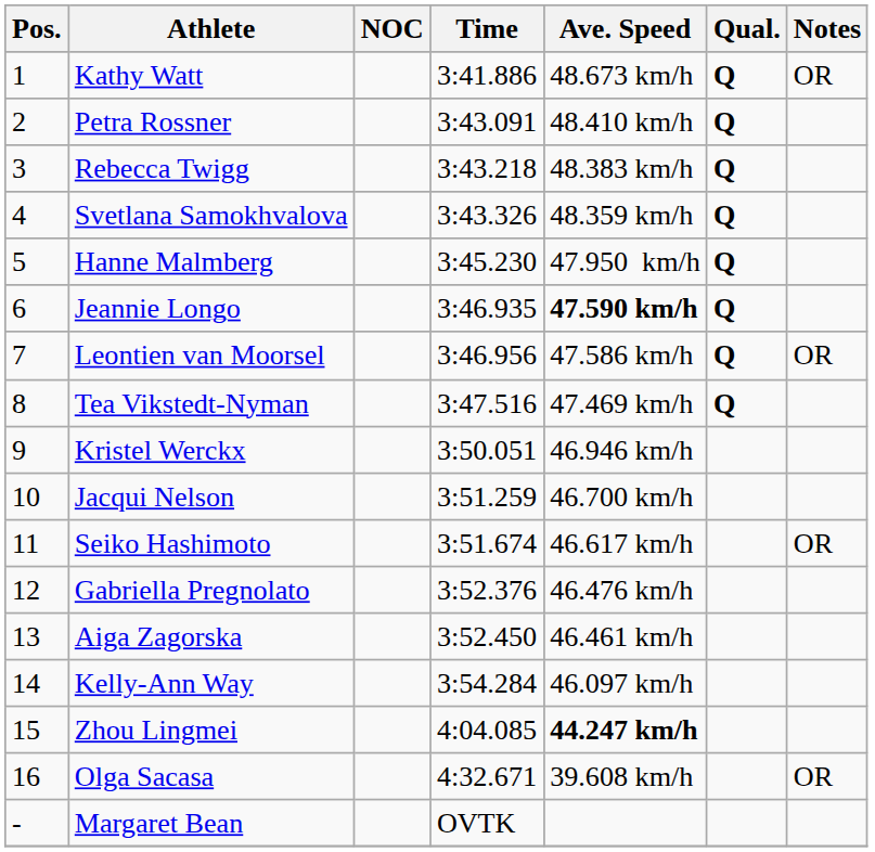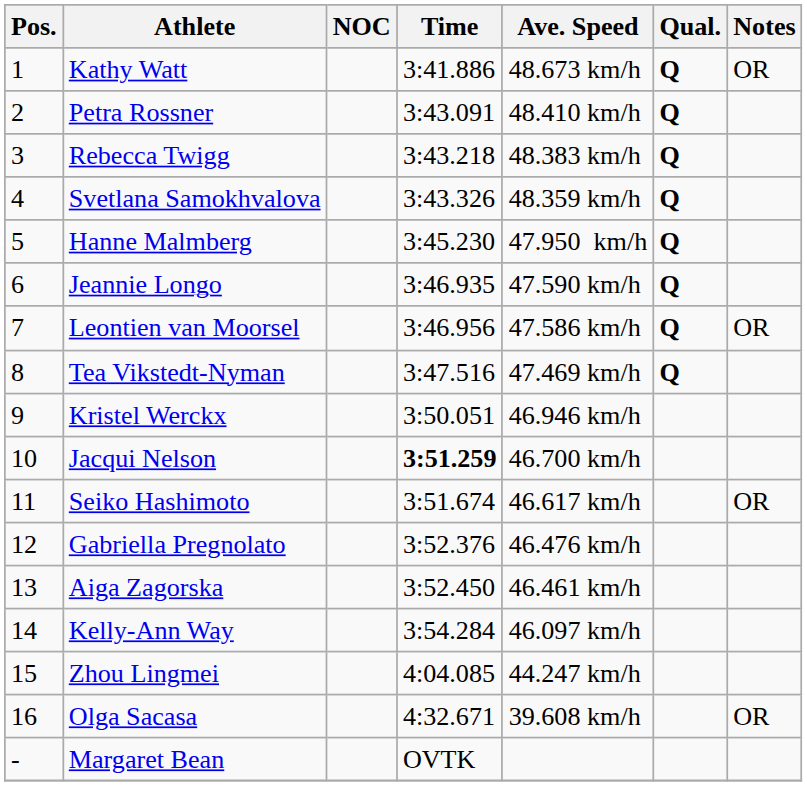 <table class="wikitable sortable" style="font-size:95%;">
 <tr>
 <th>Pos.</th>
 <th>Athlete</th>
 <th>NOC</th>
 <th>Time</th>
 <th>Ave. Speed</th>
 <th>Qual.</th>
 <th>Notes</th>
 </tr>
 <tr>
 <td>1</td>
 <td><a href='#'>Kathy Watt</a></td>
 <td></td>
 <td>3:41.886</td>
 <td>48.673 km/h</td>
 <td><strong>Q</strong></td>
 <td>OR</td>
 </tr>
 <tr>
 <td>2</td>
 <td><a href='#'>Petra Rossner</a></td>
 <td></td>
 <td>3:43.091</td>
 <td>48.410 km/h</td>
 <td><strong>Q</strong></td>
 <td></td>
 </tr>
 <tr>
 <td>3</td>
 <td><a href='#'>Rebecca Twigg</a></td>
 <td></td>
 <td>3:43.218</td>
 <td>48.383 km/h</td>
 <td><strong>Q</strong></td>
 <td></td>
 </tr>
 <tr>
 <td>4</td>
 <td><a href='#'>Svetlana Samokhvalova</a></td>
 <td></td>
 <td>3:43.326</td>
 <td>48.359 km/h</td>
 <td><strong>Q</strong></td>
 <td></td>
 </tr>
 <tr>
 <td>5</td>
 <td><a href='#'>Hanne Malmberg</a></td>
 <td></td>
 <td>3:45.230</td>
 <td>47.950  km/h</td>
 <td><strong>Q</strong></td>
 <td></td>
 </tr>
 <tr>
 <td>6</td>
 <td><a href='#'>Jeannie Longo</a></td>
 <td></td>
 <td>3:46.935</td>
-<td><strong>47.590 km/h</strong></td>
+<td>47.590 km/h</td>
 <td><strong>Q</strong></td>
 <td></td>
 </tr>
 <tr>
 <td>7</td>
 <td><a href='#'>Leontien van Moorsel</a></td>
 <td></td>
 <td>3:46.956</td>
 <td>47.586 km/h</td>
 <td><strong>Q</strong></td>
 <td>OR</td>
 </tr>
 <tr>
 <td>8</td>
 <td><a href='#'>Tea Vikstedt-Nyman</a></td>
 <td></td>
 <td>3:47.516</td>
 <td>47.469 km/h</td>
 <td><strong>Q</strong></td>
 <td></td>
 </tr>
 <tr>
 <td>9</td>
 <td><a href='#'>Kristel Werckx</a></td>
 <td></td>
 <td>3:50.051</td>
 <td>46.946 km/h</td>
 <td></td>
 <td></td>
 </tr>
 <tr>
 <td>10</td>
 <td><a href='#'>Jacqui Nelson</a></td>
 <td></td>
-<td>3:51.259</td>
+<td><strong>3:51.259</strong></td>
 <td>46.700 km/h</td>
 <td></td>
 <td></td>
 </tr>
 <tr>
 <td>11</td>
 <td><a href='#'>Seiko Hashimoto</a></td>
 <td></td>
 <td>3:51.674</td>
 <td>46.617 km/h</td>
 <td></td>
 <td>OR</td>
 </tr>
 <tr>
 <td>12</td>
 <td><a href='#'>Gabriella Pregnolato</a></td>
 <td></td>
 <td>3:52.376</td>
 <td>46.476 km/h</td>
 <td></td>
 <td></td>
 </tr>
 <tr>
 <td>13</td>
 <td><a href='#'>Aiga Zagorska</a></td>
 <td></td>
 <td>3:52.450</td>
 <td>46.461 km/h</td>
 <td></td>
 <td></td>
 </tr>
 <tr>
 <td>14</td>
 <td><a href='#'>Kelly-Ann Way</a></td>
 <td></td>
 <td>3:54.284</td>
 <td>46.097 km/h</td>
 <td></td>
 <td></td>
 </tr>
 <tr>
 <td>15</td>
 <td><a href='#'>Zhou Lingmei</a></td>
 <td></td>
 <td>4:04.085</td>
-<td><strong>44.247 km/h</strong></td>
+<td>44.247 km/h</td>
 <td></td>
 <td></td>
 </tr>
 <tr>
 <td>16</td>
 <td><a href='#'>Olga Sacasa</a></td>
 <td></td>
 <td>4:32.671</td>
 <td>39.608 km/h</td>
 <td></td>
 <td>OR</td>
 </tr>
 <tr>
 <td>-</td>
 <td><a href='#'>Margaret Bean</a></td>
 <td></td>
 <td>OVTK</td>
 <td></td>
 <td></td>
 <td></td>
 </tr>
 <tr>
 </tr>
 </table>
